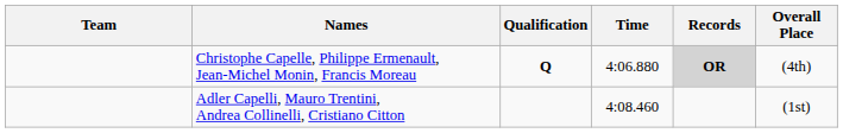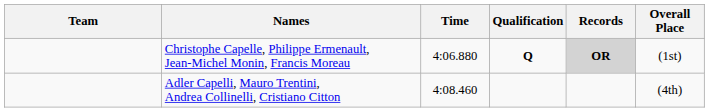 <table class="wikitable" style="text-align:center;">
 <tr>
 <th style="width:12em;">Team</th>
 <th style="width:20em;">Names</th>
+<th style="width:5em;">Time</th>
 <th style="width:5em;">Qualification</th>
-<th style="width:5em;">Time</th>
 <th style="width:5em;">Records</th>
 <th style="width:5em;">Overall Place</th>
 </tr>
 <tr>
 <td align=left></td>
 <td align=left><a href='#'>Christophe Capelle</a>, <a href='#'>Philippe Ermenault</a>, <br> <a href='#'>Jean-Michel Monin</a>, <a href='#'>Francis Moreau</a></td>
+<td>4:06.880</td>
 <td><strong>Q</strong></td>
-<td>4:06.880</td>
 <td style="background: lightgrey;"><strong>OR</strong></td>
-<td>(4th)</td>
+<td>(1st)</td>
 </tr>
 <tr>
 <td align=left></td>
 <td align=left><a href='#'>Adler Capelli</a>, <a href='#'>Mauro Trentini</a>,<br><a href='#'>Andrea Collinelli</a>, <a href='#'>Cristiano Citton</a></td>
-<td></td>
 <td>4:08.460</td>
 <td></td>
-<td>(1st)</td>
+<td></td>
+<td>(4th)</td>
 </tr>
 </table>
